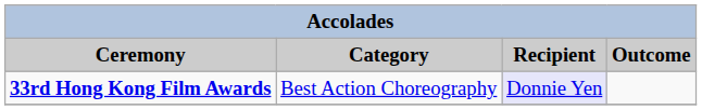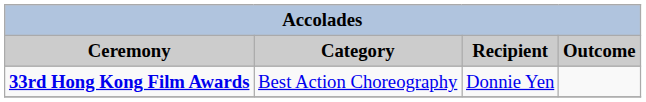 <table class="wikitable" style="font-size:95%;" ;>
 <tr style="background:#ccc; text-align:center;">
 <th colspan="4" style="background: LightSteelBlue;">Accolades</th>
 </tr>
 <tr style="background:#ccc; text-align:center;">
 <th style="background:#ccc">Ceremony</th>
 <th style="background:#ccc">Category</th>
 <th style="background:#ccc">Recipient</th>
 <th style="background:#ccc">Outcome</th>
 </tr>
 <tr>
 <td><strong><a href='#'>33rd Hong Kong Film Awards</a></strong></td>
 <td><a href='#'>Best Action Choreography</a></td>
-<td style="background: lavender;"><a href='#'>Donnie Yen</a></td>
+<td><a href='#'>Donnie Yen</a></td>
 <td></td>
 </tr>
 <tr>
 </tr>
 </table>
